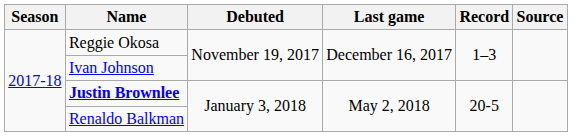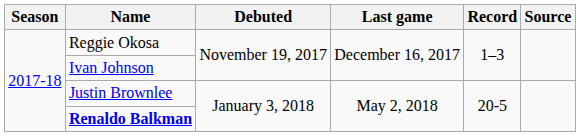 <table class="wikitable">
 <tr>
 <th>Season</th>
 <th>Name</th>
 <th>Debuted</th>
 <th>Last game</th>
 <th>Record</th>
 <th>Source</th>
 </tr>
 <tr>
 <td rowspan="4"><a href='#'>2017-18</a></td>
 <td> Reggie Okosa</td>
 <td rowspan="2" style="text-align:center;">November 19, 2017</td>
 <td rowspan="2" style="text-align:center;">December 16, 2017</td>
 <td rowspan="2" style="text-align:center;">1–3</td>
 <td rowspan="2"></td>
 </tr>
 <tr>
 <td> <a href='#'> Ivan Johnson</a></td>
 </tr>
 <tr>
-<td><strong> <a href='#'>Justin Brownlee</a></strong></td>
+<td> <a href='#'>Justin Brownlee</a></td>
 <td rowspan="2" style="text-align:center;">January 3, 2018</td>
 <td rowspan="2" style="text-align:center;">May 2, 2018</td>
 <td rowspan="2" style="text-align:center;">20-5</td>
 <td rowspan="2" style="text-align:center;"></td>
 </tr>
 <tr>
-<td> <a href='#'>Renaldo Balkman</a></td>
+<td><strong> <a href='#'>Renaldo Balkman</a></strong></td>
 </tr>
 </table>
